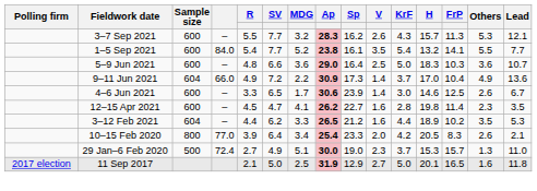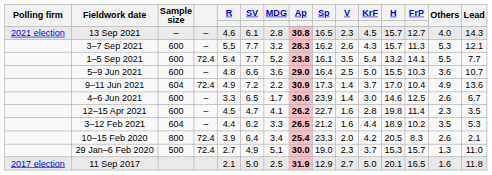 <table class="wikitable mw-collapsible sortable" style="text-align:center;font-size:90%;line-height:14px;">
 <tr>
 <th rowspan="2" style="width:100px;">Polling firm</th>
 <th rowspan="2" style="width:130px;">Fieldwork date</th>
 <th rowspan="2" style="width:35px;">Sample<br>size</th>
 <th rowspan="2" style="width:30px;"></th>
 <th class="unsortable" style="width:30px;"><a href='#'>R</a></th>
 <th class="unsortable" style="width:30px;"><a href='#'>SV</a></th>
 <th class="unsortable" style="width:30px;"><a href='#'>MDG</a></th>
 <th class="unsortable" style="width:30px;"><a href='#'>Ap</a></th>
 <th class="unsortable" style="width:30px;"><a href='#'>Sp</a></th>
 <th class="unsortable" style="width:30px;"><a href='#'>V</a></th>
 <th class="unsortable" style="width:30px;"><a href='#'>KrF</a></th>
 <th class="unsortable" style="width:30px;"><a href='#'>H</a></th>
 <th class="unsortable" style="width:30px;"><a href='#'>FrP</a></th>
 <th class="unsortable" style="width:20px;" rowspan="2">Others</th>
 <th rowspan="2" style="width:30px;">Lead</th>
 </tr>
 <tr>
 <th style="background:"></th>
 <th style="background:"></th>
 <th style="background:"></th>
 <th style="background:"></th>
 <th style="background:"></th>
 <th style="background:"></th>
 <th style="background:"></th>
 <th style="background:"></th>
 <th style="background:"></th>
 </tr>
+<tr style="background:#E9E9E9;">
+<td><a href='#'>2021 election</a></td>
+<td>13 Sep 2021</td>
+<td>–</td>
+<td>–</td>
+<td>4.6</td>
+<td>6.1</td>
+<td>2.8</td>
+<td style="background:#F7BDC5;"><strong>30.8</strong></td>
+<td>16.5</td>
+<td>2.3</td>
+<td>4.5</td>
+<td>15.7</td>
+<td>12.7</td>
+<td>4.0</td>
+<td style="background:">14.3</td>
+</tr>
 <tr>
 <td></td>
 <td>3–7 Sep 2021</td>
 <td>600</td>
 <td>–</td>
 <td>5.5</td>
 <td>7.7</td>
 <td>3.2</td>
 <td style="background:#F7BDC5;"><strong>28.3</strong></td>
 <td>16.2</td>
 <td>2.6</td>
 <td>4.3</td>
 <td>15.7</td>
 <td>11.3</td>
 <td>5.3</td>
 <td style="background:">12.1</td>
 </tr>
 <tr>
 <td></td>
 <td>1–5 Sep 2021</td>
 <td>600</td>
-<td>84.0</td>
+<td>72.4</td>
 <td>5.4</td>
 <td>7.7</td>
 <td>5.2</td>
 <td style="background:#F7BDC5;"><strong>23.8</strong></td>
 <td>16.1</td>
 <td>3.5</td>
 <td>5.4</td>
 <td>13.2</td>
 <td>14.1</td>
 <td>5.5</td>
 <td style="background:">7.7</td>
 </tr>
 <tr>
 <td></td>
 <td>5–9 Jun 2021</td>
 <td>600</td>
 <td>–</td>
 <td>4.8</td>
 <td>6.6</td>
 <td>3.6</td>
 <td style="background:#F7BDC5;"><strong>29.0</strong></td>
 <td>16.4</td>
 <td>2.5</td>
 <td>5.0</td>
-<td>18.3</td>
+<td>15.5</td>
 <td>10.3</td>
 <td>3.6</td>
 <td style="background:">10.7</td>
 </tr>
 <tr>
 <td></td>
 <td>9–11 Jun 2021</td>
 <td>604</td>
-<td>66.0</td>
+<td>72.4</td>
 <td>4.9</td>
 <td>7.2</td>
 <td>2.2</td>
 <td style="background:#F7BDC5;"><strong>30.9</strong></td>
 <td>17.3</td>
 <td>1.4</td>
 <td>3.7</td>
 <td>17.0</td>
 <td>10.4</td>
 <td>4.9</td>
 <td style="background:">13.6</td>
 </tr>
 <tr>
 <td></td>
 <td>4–6 Jun 2021</td>
 <td>600</td>
 <td>–</td>
 <td>3.3</td>
 <td>6.5</td>
 <td>1.7</td>
 <td style="background:#F7BDC5;"><strong>30.6</strong></td>
 <td>23.9</td>
 <td>1.4</td>
 <td>3.0</td>
 <td>14.6</td>
 <td>12.5</td>
 <td>2.6</td>
 <td style="background:">6.7</td>
 </tr>
 <tr>
 <td></td>
 <td>12–15 Apr 2021</td>
 <td>600</td>
 <td>–</td>
 <td>4.5</td>
 <td>4.7</td>
 <td>4.1</td>
 <td style="background:#F7BDC5;"><strong>26.2</strong></td>
 <td>22.7</td>
 <td>1.6</td>
 <td>2.8</td>
 <td>19.8</td>
 <td>11.4</td>
 <td>2.3</td>
 <td style="background:">3.5</td>
 </tr>
 <tr>
 <td></td>
 <td>3–12 Feb 2021</td>
 <td>604</td>
 <td>–</td>
 <td>4.4</td>
 <td>6.2</td>
 <td>3.3</td>
 <td style="background:#F7BDC5;"><strong>26.5</strong></td>
 <td>21.2</td>
 <td>1.6</td>
 <td>4.4</td>
 <td>18.9</td>
 <td>10.2</td>
 <td>3.5</td>
 <td style="background:">5.3</td>
 </tr>
 <tr>
 <td></td>
 <td>10–15 Feb 2020</td>
 <td>800</td>
-<td>77.0</td>
+<td>72.4</td>
 <td>3.9</td>
 <td>6.4</td>
 <td>3.4</td>
 <td style="background:#F7BDC5;"><strong>25.4</strong></td>
 <td>23.3</td>
 <td>2.0</td>
 <td>4.2</td>
 <td>20.5</td>
 <td>8.3</td>
 <td>2.6</td>
 <td style="background:">2.1</td>
 </tr>
 <tr>
 <td></td>
 <td>29 Jan–6 Feb 2020</td>
 <td>500</td>
 <td>72.4</td>
 <td>2.7</td>
 <td>4.9</td>
 <td>5.1</td>
 <td style="background:#F7BDC5;"><strong>30.0</strong></td>
 <td>19.0</td>
 <td>2.3</td>
 <td>3.7</td>
 <td>15.3</td>
 <td>15.7</td>
 <td>1.3</td>
 <td style="background:">11.0</td>
 </tr>
 <tr style="background:#E9E9E9;">
 <td><a href='#'>2017 election</a></td>
 <td>11 Sep 2017</td>
 <td></td>
 <td></td>
 <td>2.1</td>
 <td>5.0</td>
 <td>2.5</td>
 <td style="background:#F7BDC5;"><strong>31.9</strong></td>
 <td>12.9</td>
 <td>2.7</td>
 <td>5.0</td>
 <td>20.1</td>
 <td>16.5</td>
 <td>1.6</td>
 <td style="background:">11.8</td>
 </tr>
 </table>
